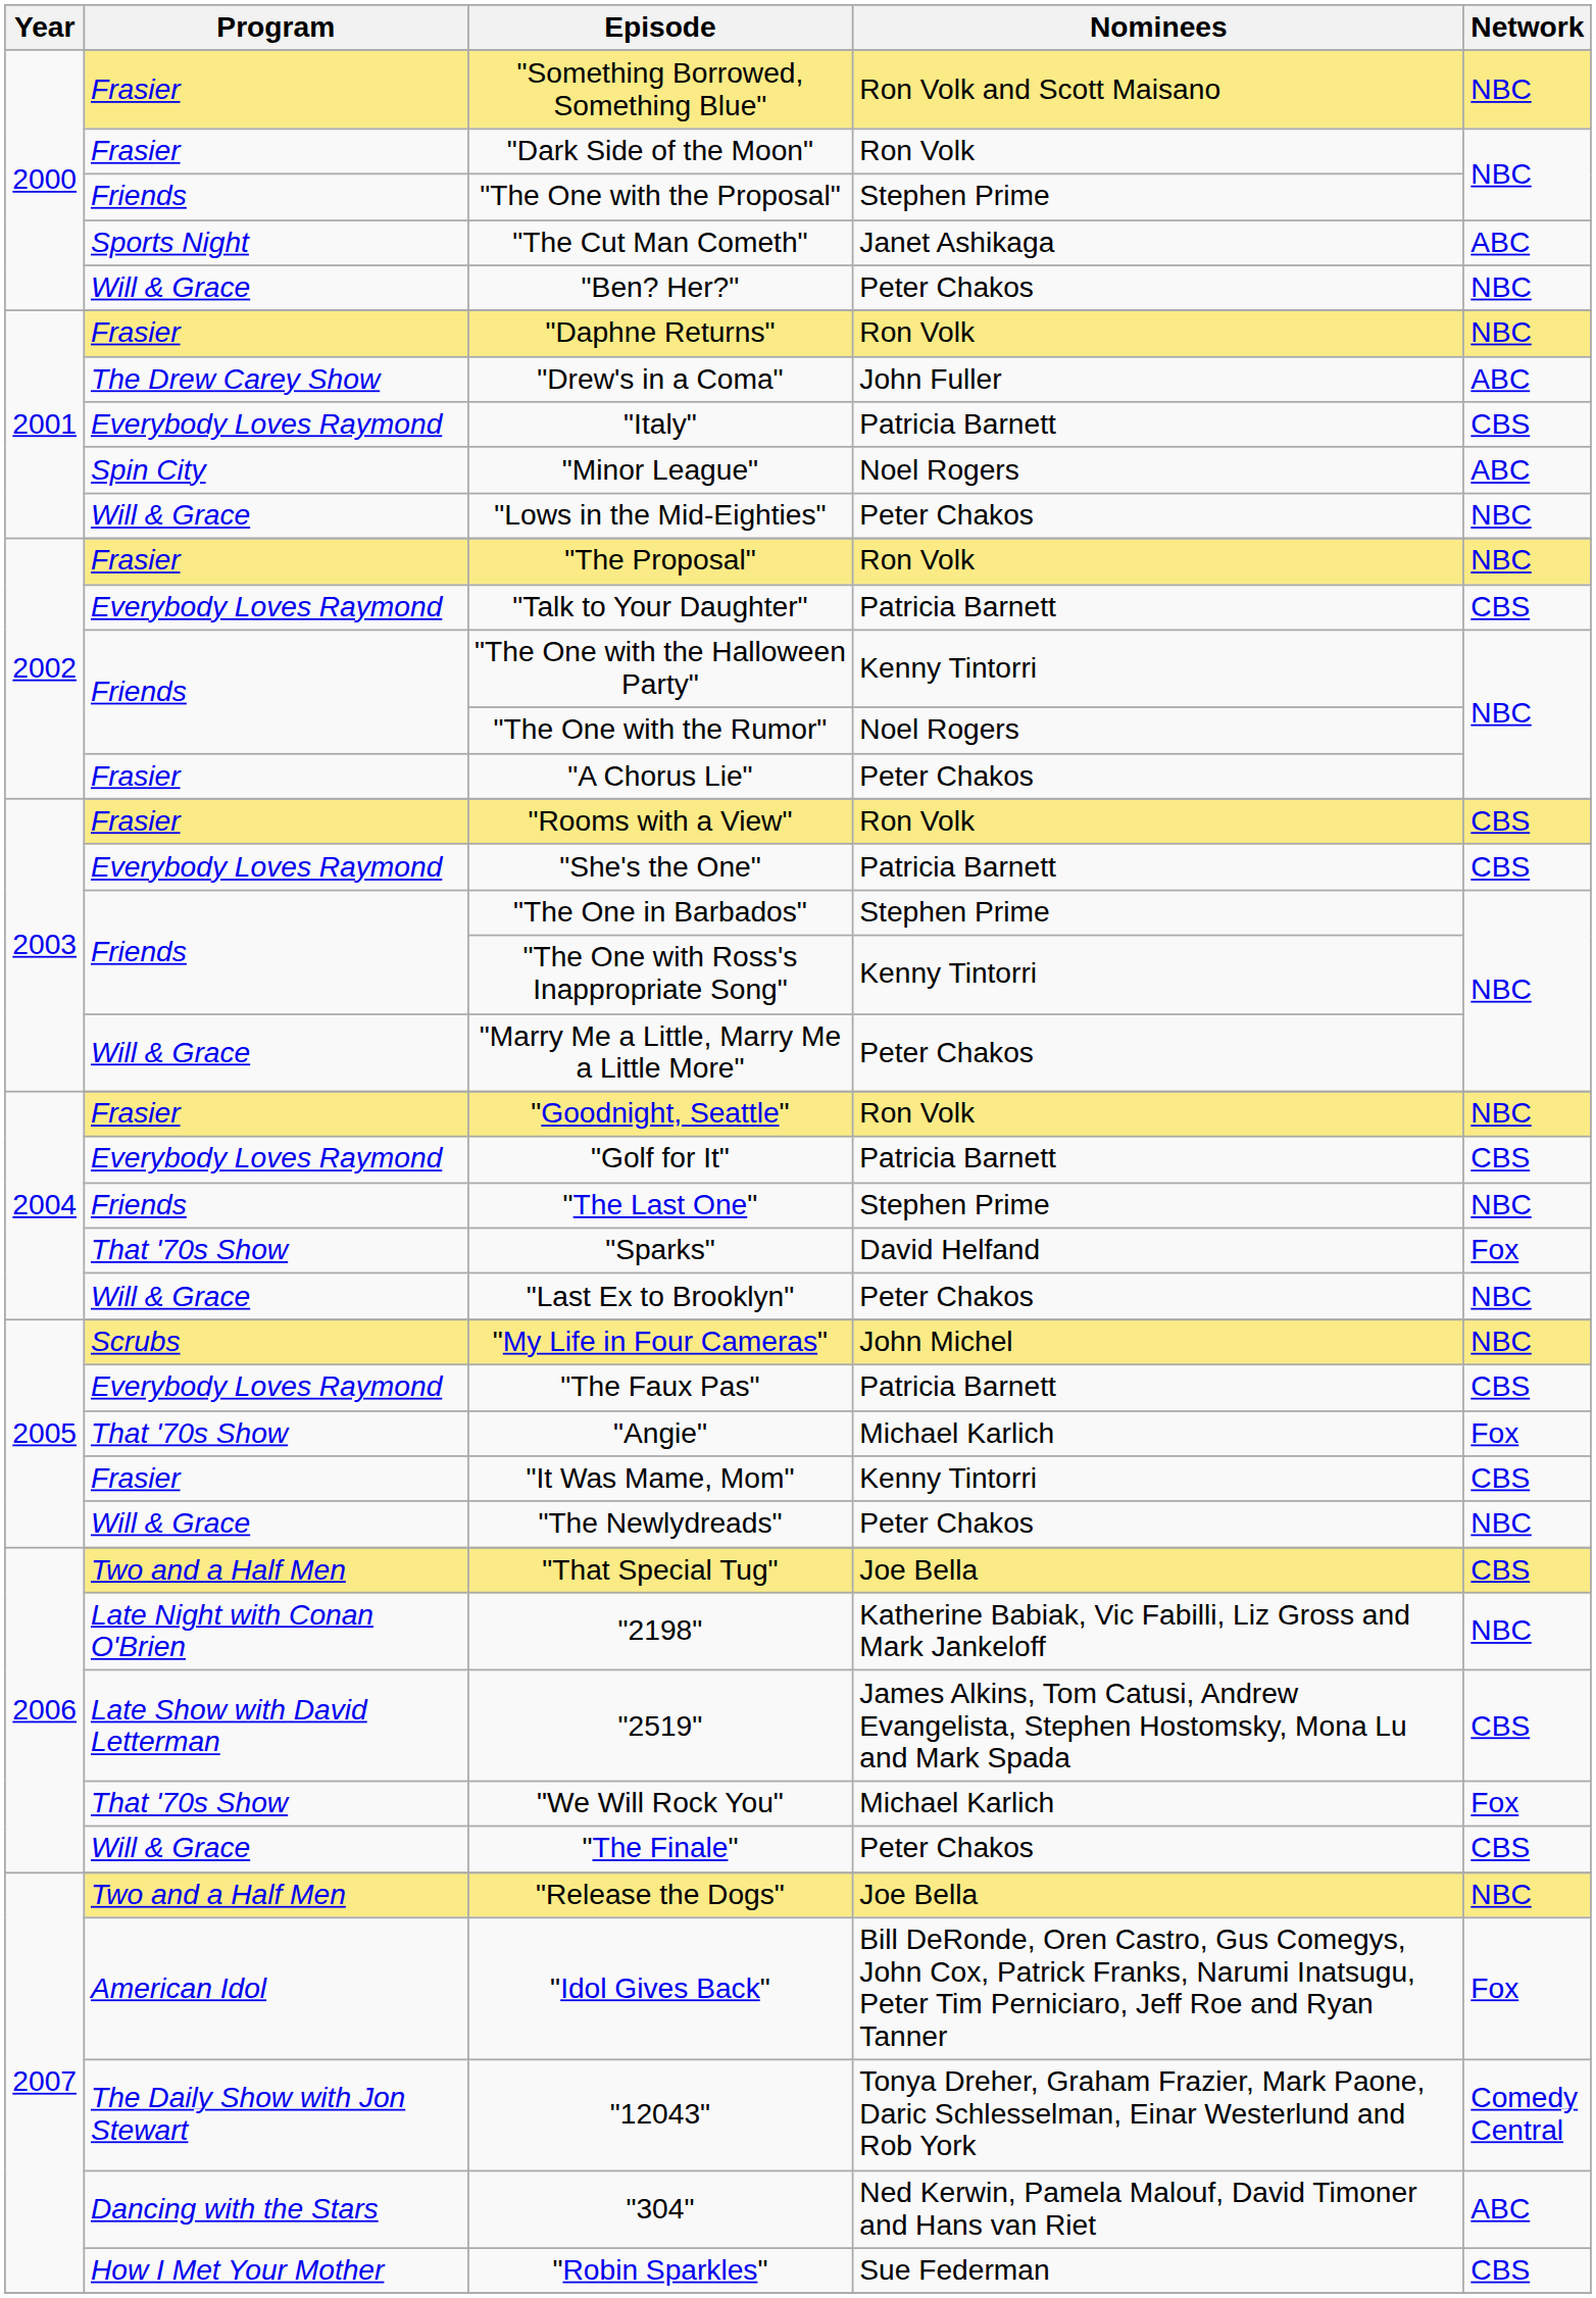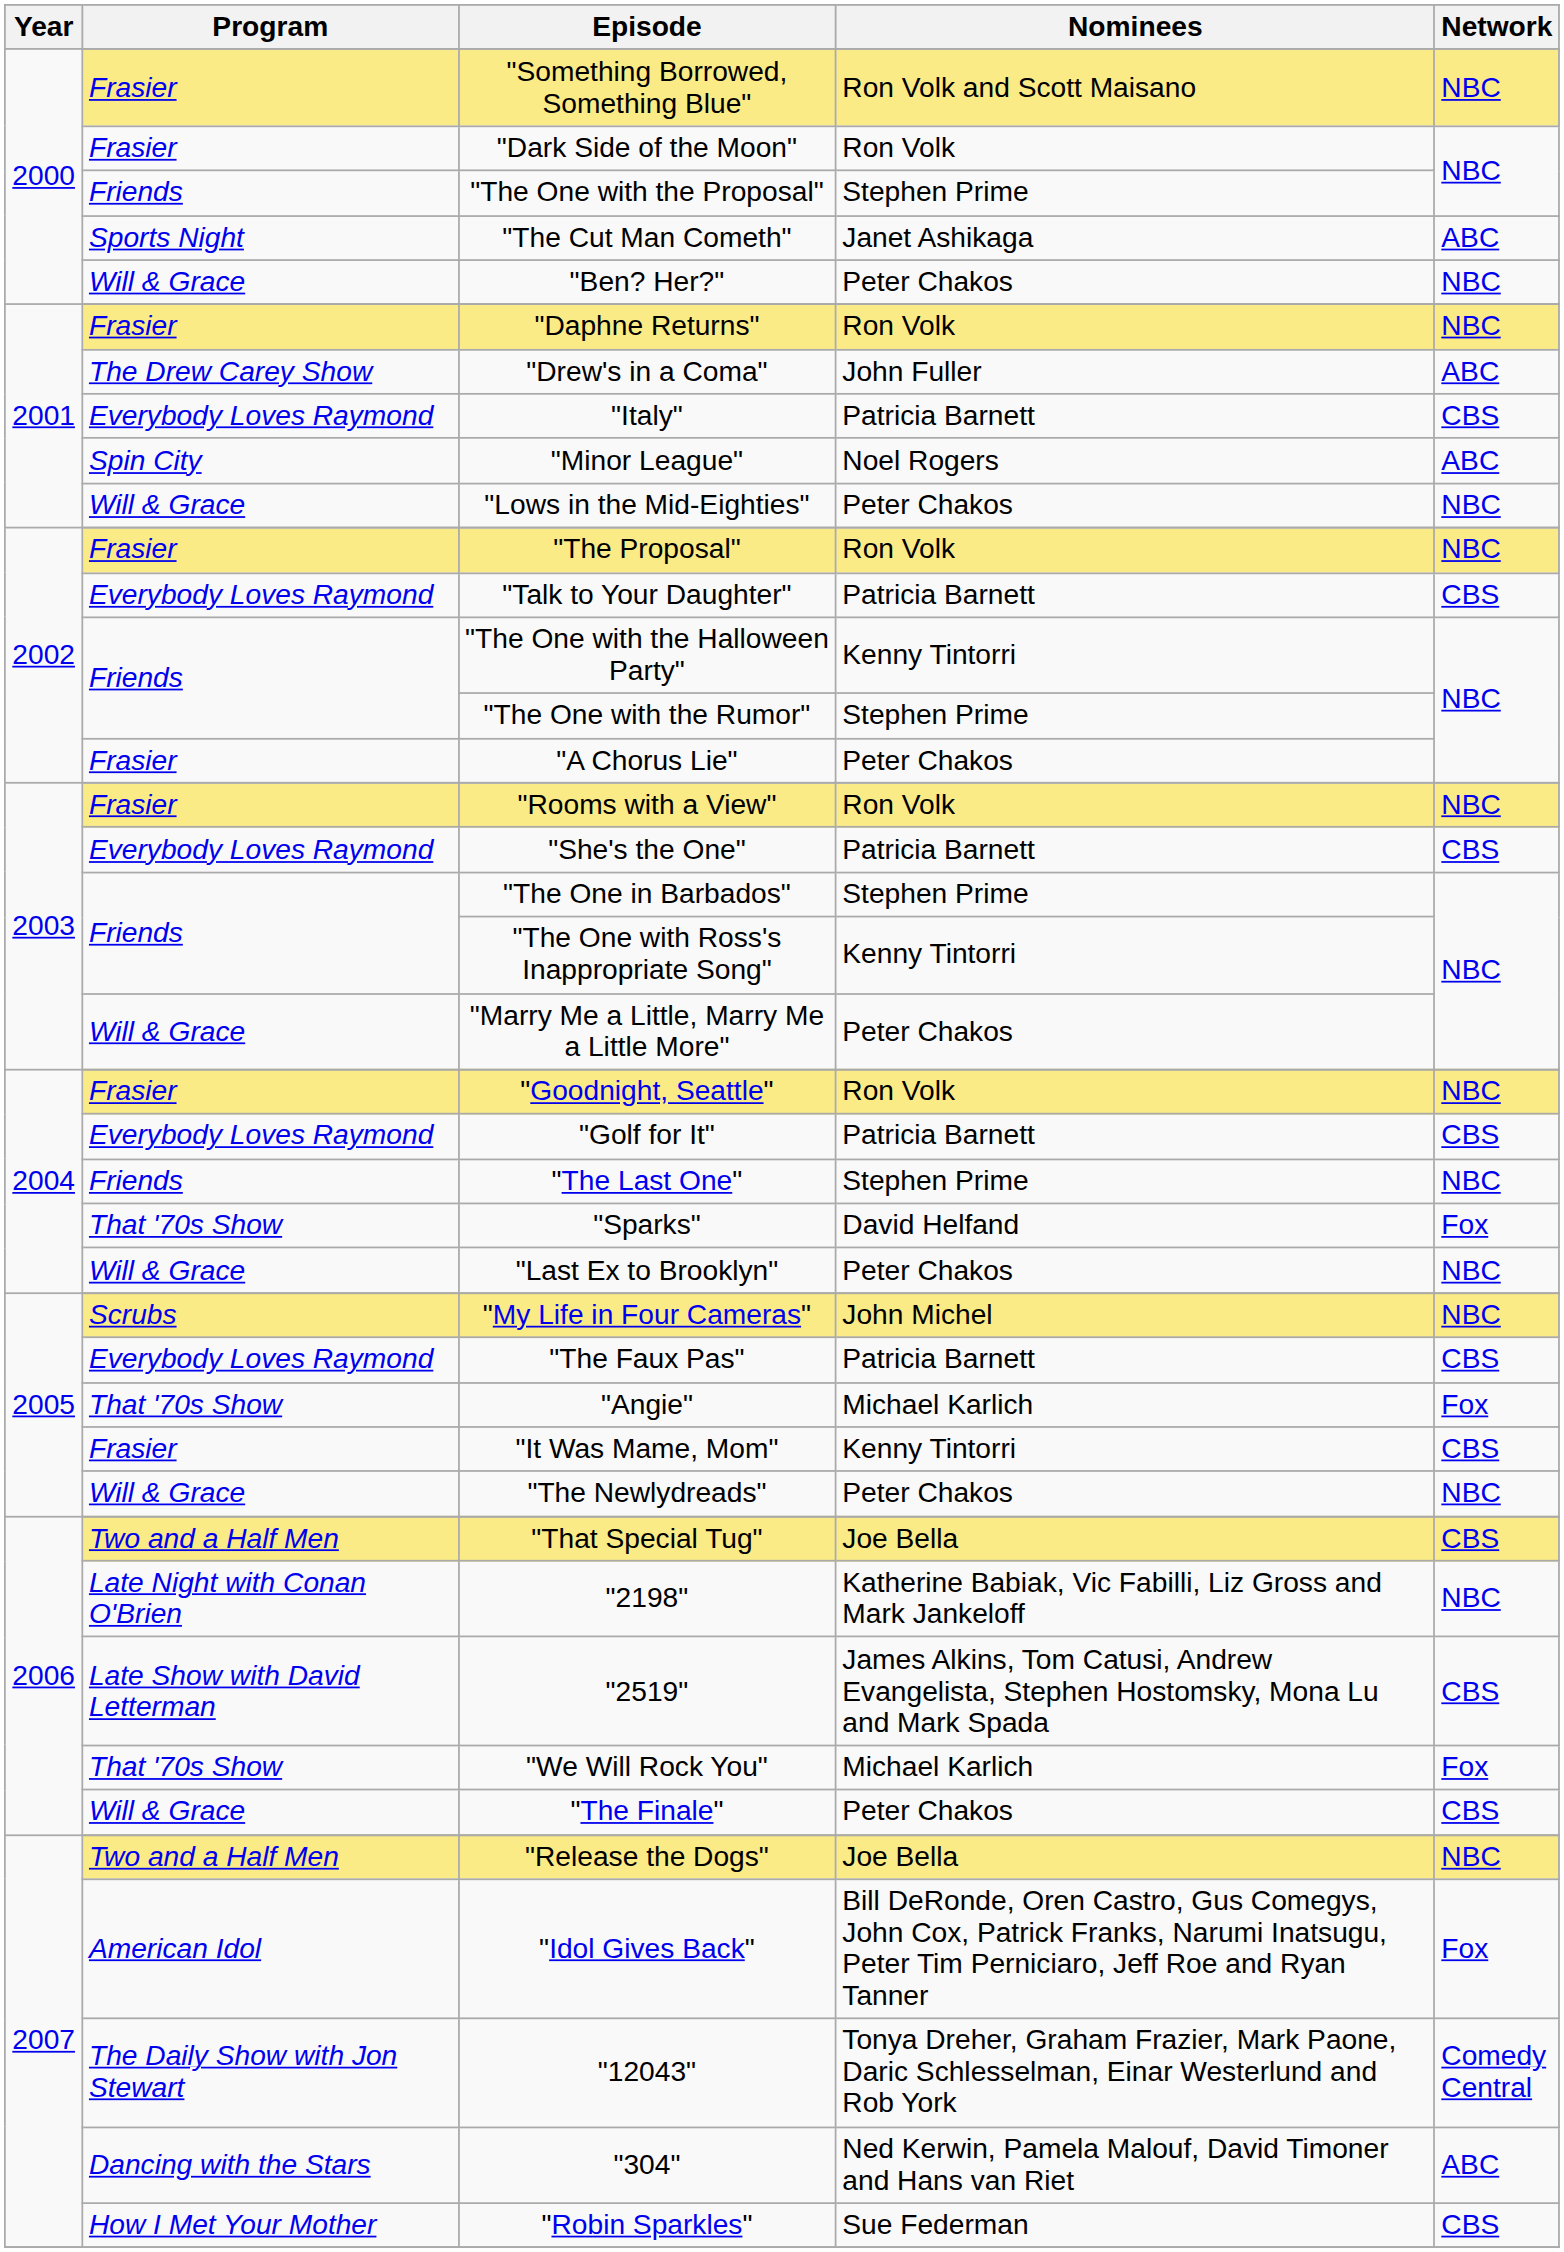 <table class="wikitable" style="width:100%">
 <tr style="background:#bebebe;">
 <th style="width:5%;">Year</th>
 <th style="width:25%;">Program</th>
 <th style="width:25%;">Episode</th>
 <th style="width:40%;">Nominees</th>
 <th style="width:5%;">Network</th>
 </tr>
 <tr>
 <td rowspan=6 style="text-align:center;"><a href='#'>2000</a><br></td>
 </tr>
 <tr style="background:#FAEB86;">
 <td><em><a href='#'>Frasier</a></em></td>
 <td align=center>"Something Borrowed, Something Blue"</td>
 <td>Ron Volk and Scott Maisano</td>
 <td><a href='#'>NBC</a></td>
 </tr>
 <tr>
 <td><em><a href='#'>Frasier</a></em></td>
 <td align=center>"Dark Side of the Moon"</td>
 <td>Ron Volk</td>
 <td rowspan=2><a href='#'>NBC</a></td>
 </tr>
 <tr>
 <td><em><a href='#'>Friends</a></em></td>
 <td align=center>"The One with the Proposal"</td>
 <td>Stephen Prime</td>
 </tr>
 <tr>
 <td><em><a href='#'>Sports Night</a></em></td>
 <td align=center>"The Cut Man Cometh"</td>
 <td>Janet Ashikaga</td>
 <td><a href='#'>ABC</a></td>
 </tr>
 <tr>
 <td><em><a href='#'>Will & Grace</a></em></td>
 <td align=center>"Ben? Her?"</td>
 <td>Peter Chakos</td>
 <td><a href='#'>NBC</a></td>
 </tr>
 <tr>
 <td rowspan=6 style="text-align:center;"><a href='#'>2001</a><br></td>
 </tr>
 <tr style="background:#FAEB86;">
 <td><em><a href='#'>Frasier</a></em></td>
 <td align=center>"Daphne Returns"</td>
 <td>Ron Volk</td>
 <td><a href='#'>NBC</a></td>
 </tr>
 <tr>
 <td><em><a href='#'>The Drew Carey Show</a></em></td>
 <td align=center>"Drew's in a Coma"</td>
 <td>John Fuller</td>
 <td><a href='#'>ABC</a></td>
 </tr>
 <tr>
 <td><em><a href='#'>Everybody Loves Raymond</a></em></td>
 <td align=center>"Italy"</td>
 <td>Patricia Barnett</td>
 <td><a href='#'>CBS</a></td>
 </tr>
 <tr>
 <td><em><a href='#'>Spin City</a></em></td>
 <td align=center>"Minor League"</td>
 <td>Noel Rogers</td>
 <td><a href='#'>ABC</a></td>
 </tr>
 <tr>
 <td><em><a href='#'>Will & Grace</a></em></td>
 <td align=center>"Lows in the Mid-Eighties"</td>
 <td>Peter Chakos</td>
 <td><a href='#'>NBC</a></td>
 </tr>
 <tr>
 <td rowspan=6 style="text-align:center;"><a href='#'>2002</a><br></td>
 </tr>
 <tr style="background:#FAEB86;">
 <td><em><a href='#'>Frasier</a></em></td>
 <td align=center>"The Proposal"</td>
 <td>Ron Volk</td>
 <td><a href='#'>NBC</a></td>
 </tr>
 <tr>
 <td><em><a href='#'>Everybody Loves Raymond</a></em></td>
 <td align=center>"Talk to Your Daughter"</td>
 <td>Patricia Barnett</td>
 <td><a href='#'>CBS</a></td>
 </tr>
 <tr>
 <td rowspan=2><em><a href='#'>Friends</a></em></td>
 <td align=center>"The One with the Halloween Party"</td>
 <td>Kenny Tintorri</td>
 <td rowspan=3><a href='#'>NBC</a></td>
 </tr>
 <tr>
 <td align=center>"The One with the Rumor"</td>
-<td>Noel Rogers</td>
+<td>Stephen Prime</td>
 </tr>
 <tr>
 <td><em><a href='#'>Frasier</a></em></td>
 <td align=center>"A Chorus Lie"</td>
 <td>Peter Chakos</td>
 </tr>
 <tr>
 <td rowspan=6 style="text-align:center;"><a href='#'>2003</a><br></td>
 </tr>
 <tr style="background:#FAEB86;">
 <td><em><a href='#'>Frasier</a></em></td>
 <td align=center>"Rooms with a View"</td>
 <td>Ron Volk</td>
-<td><a href='#'>CBS</a></td>
+<td><a href='#'>NBC</a></td>
 </tr>
 <tr>
 <td><em><a href='#'>Everybody Loves Raymond</a></em></td>
 <td align=center>"She's the One"</td>
 <td>Patricia Barnett</td>
 <td><a href='#'>CBS</a></td>
 </tr>
 <tr>
 <td rowspan=2><em><a href='#'>Friends</a></em></td>
 <td align=center>"The One in Barbados"</td>
 <td>Stephen Prime</td>
 <td rowspan=3><a href='#'>NBC</a></td>
 </tr>
 <tr>
 <td align=center>"The One with Ross's Inappropriate Song"</td>
 <td>Kenny Tintorri</td>
 </tr>
 <tr>
 <td><em><a href='#'>Will & Grace</a></em></td>
 <td align=center>"Marry Me a Little, Marry Me a Little More"</td>
 <td>Peter Chakos</td>
 </tr>
 <tr>
 <td rowspan=6 style="text-align:center;"><a href='#'>2004</a><br></td>
 </tr>
 <tr style="background:#FAEB86;">
 <td><em><a href='#'>Frasier</a></em></td>
 <td align=center>"<a href='#'>Goodnight, Seattle</a>"</td>
 <td>Ron Volk</td>
 <td><a href='#'>NBC</a></td>
 </tr>
 <tr>
 <td><em><a href='#'>Everybody Loves Raymond</a></em></td>
 <td align=center>"Golf for It"</td>
 <td>Patricia Barnett</td>
 <td><a href='#'>CBS</a></td>
 </tr>
 <tr>
 <td><em><a href='#'>Friends</a></em></td>
 <td align=center>"<a href='#'>The Last One</a>"</td>
 <td>Stephen Prime</td>
 <td><a href='#'>NBC</a></td>
 </tr>
 <tr>
 <td><em><a href='#'>That '70s Show</a></em></td>
 <td align=center>"Sparks"</td>
 <td>David Helfand</td>
 <td><a href='#'>Fox</a></td>
 </tr>
 <tr>
 <td><em><a href='#'>Will & Grace</a></em></td>
 <td align=center>"Last Ex to Brooklyn"</td>
 <td>Peter Chakos</td>
 <td><a href='#'>NBC</a></td>
 </tr>
 <tr>
 <td rowspan=6 style="text-align:center;"><a href='#'>2005</a><br></td>
 </tr>
 <tr style="background:#FAEB86;">
 <td><em><a href='#'>Scrubs</a></em></td>
 <td align=center>"<a href='#'>My Life in Four Cameras</a>"</td>
 <td>John Michel</td>
 <td><a href='#'>NBC</a></td>
 </tr>
 <tr>
 <td><em><a href='#'>Everybody Loves Raymond</a></em></td>
 <td align=center>"The Faux Pas"</td>
 <td>Patricia Barnett</td>
 <td><a href='#'>CBS</a></td>
 </tr>
 <tr>
 <td><em><a href='#'>That '70s Show</a></em></td>
 <td align=center>"Angie"</td>
 <td>Michael Karlich</td>
 <td><a href='#'>Fox</a></td>
 </tr>
 <tr>
 <td><em><a href='#'>Frasier</a></em></td>
 <td align=center>"It Was Mame, Mom"</td>
 <td>Kenny Tintorri</td>
 <td><a href='#'>CBS</a></td>
 </tr>
 <tr>
 <td><em><a href='#'>Will & Grace</a></em></td>
 <td align=center>"The Newlydreads"</td>
 <td>Peter Chakos</td>
 <td><a href='#'>NBC</a></td>
 </tr>
 <tr>
 <td rowspan=6 style="text-align:center;"><a href='#'>2006</a><br></td>
 </tr>
 <tr style="background:#FAEB86;">
 <td><em><a href='#'>Two and a Half Men</a></em></td>
 <td align=center>"That Special Tug"</td>
 <td>Joe Bella</td>
 <td><a href='#'>CBS</a></td>
 </tr>
 <tr>
 <td><em><a href='#'>Late Night with Conan O'Brien</a></em></td>
 <td align=center>"2198"</td>
 <td>Katherine Babiak, Vic Fabilli, Liz Gross and Mark Jankeloff</td>
 <td><a href='#'>NBC</a></td>
 </tr>
 <tr>
 <td><em><a href='#'>Late Show with David Letterman</a></em></td>
 <td align=center>"2519"</td>
 <td>James Alkins, Tom Catusi, Andrew Evangelista, Stephen Hostomsky, Mona Lu and Mark Spada</td>
 <td><a href='#'>CBS</a></td>
 </tr>
 <tr>
 <td><em><a href='#'>That '70s Show</a></em></td>
 <td align=center>"We Will Rock You"</td>
 <td>Michael Karlich</td>
 <td><a href='#'>Fox</a></td>
 </tr>
 <tr>
 <td><em><a href='#'>Will & Grace</a></em></td>
 <td align=center>"<a href='#'>The Finale</a>"</td>
 <td>Peter Chakos</td>
 <td><a href='#'>CBS</a></td>
 </tr>
 <tr>
 <td rowspan=6 style="text-align:center;"><a href='#'>2007</a><br></td>
 </tr>
 <tr style="background:#FAEB86;">
 <td><em><a href='#'>Two and a Half Men</a></em></td>
 <td align=center>"Release the Dogs"</td>
 <td>Joe Bella</td>
 <td><a href='#'>NBC</a></td>
 </tr>
 <tr>
 <td><em><a href='#'>American Idol</a></em></td>
 <td align=center>"<a href='#'>Idol Gives Back</a>"</td>
 <td>Bill DeRonde, Oren Castro, Gus Comegys, John Cox, Patrick Franks, Narumi Inatsugu, Peter Tim Perniciaro, Jeff Roe and Ryan Tanner</td>
 <td><a href='#'>Fox</a></td>
 </tr>
 <tr>
 <td><em><a href='#'>The Daily Show with Jon Stewart</a></em></td>
 <td align=center>"12043"</td>
 <td>Tonya Dreher, Graham Frazier, Mark Paone, Daric Schlesselman, Einar Westerlund and Rob York</td>
 <td><a href='#'>Comedy Central</a></td>
 </tr>
 <tr>
 <td><em><a href='#'>Dancing with the Stars</a></em></td>
 <td align=center>"304"</td>
 <td>Ned Kerwin, Pamela Malouf, David Timoner and Hans van Riet</td>
 <td><a href='#'>ABC</a></td>
 </tr>
 <tr>
 <td><em><a href='#'>How I Met Your Mother</a></em></td>
 <td align=center>"<a href='#'>Robin Sparkles</a>"</td>
 <td>Sue Federman</td>
 <td><a href='#'>CBS</a></td>
 </tr>
 <tr>
 </tr>
 </table>
